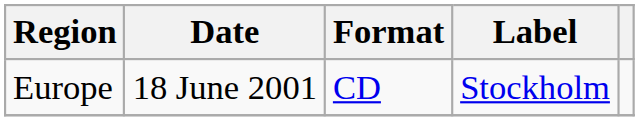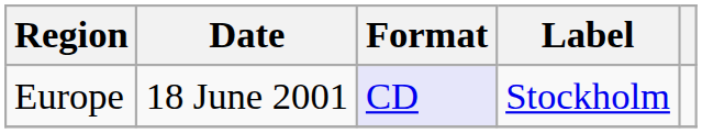 <table class="wikitable plainrowheaders">
 <tr>
 <th scope="col">Region</th>
 <th scope="col">Date</th>
 <th scope="col">Format</th>
 <th scope="col">Label</th>
 <th scope="col"></th>
 </tr>
 <tr>
 <td>Europe</td>
 <td>18 June 2001</td>
-<td><a href='#'>CD</a></td>
+<td style="background: lavender;"><a href='#'>CD</a></td>
 <td><a href='#'>Stockholm</a></td>
 <td></td>
 </tr>
 <tr>
 </tr>
 </table>
